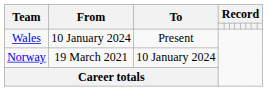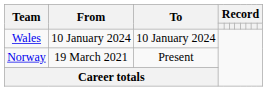 <table class="wikitable" style="text-align: center">
 <tr>
 <th rowspan=2>Team</th>
 <th rowspan=2>From</th>
 <th rowspan=2>To</th>
 <th colspan=8>Record</th>
 </tr>
 <tr>
 <th></th>
 <th></th>
 <th></th>
 <th></th>
 <th></th>
 <th></th>
 <th></th>
 <th></th>
 </tr>
 <tr>
 <td><a href='#'>Wales</a></td>
 <td>10 January 2024</td>
-<td>Present<br></td>
+<td>10 January 2024<br></td>
 </tr>
 <tr>
 <td><a href='#'>Norway</a></td>
 <td>19 March 2021</td>
-<td>10 January 2024<br></td>
+<td>Present<br></td>
 </tr>
 <tr>
 <th colspan=3>Career totals<br></th>
 </tr>
 </table>
